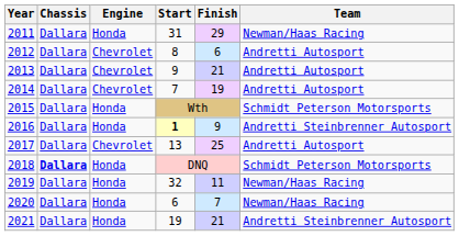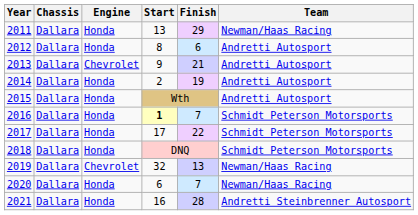 <table class="wikitable" style="font-size: 90%;">
 <tr>
 <th>Year</th>
 <th>Chassis</th>
 <th>Engine</th>
 <th>Start</th>
 <th>Finish</th>
 <th>Team</th>
 </tr>
 <tr>
 <td><a href='#'>2011</a></td>
 <td><a href='#'>Dallara</a></td>
 <td><a href='#'>Honda</a></td>
-<td align=center>31</td>
+<td align=center>13</td>
 <td align=center style="background:#EFCFFF;">29</td>
 <td><a href='#'>Newman/Haas Racing</a></td>
 </tr>
 <tr>
 <td><a href='#'>2012</a></td>
 <td><a href='#'>Dallara</a></td>
-<td><a href='#'>Chevrolet</a></td>
+<td><a href='#'>Honda</a></td>
 <td align=center>8</td>
 <td align=center style="background:#CFEAFF;">6</td>
 <td><a href='#'>Andretti Autosport</a></td>
 </tr>
 <tr>
 <td><a href='#'>2013</a></td>
 <td><a href='#'>Dallara</a></td>
 <td><a href='#'>Chevrolet</a></td>
 <td align=center>9</td>
 <td align=center style="background:#CFCFFF;">21</td>
 <td><a href='#'>Andretti Autosport</a></td>
 </tr>
 <tr>
 <td><a href='#'>2014</a></td>
 <td><a href='#'>Dallara</a></td>
-<td><a href='#'>Chevrolet</a></td>
-<td align=center>7</td>
+<td><a href='#'>Honda</a></td>
+<td align=center>2</td>
 <td align=center style="background:#EFCFFF;">19</td>
 <td><a href='#'>Andretti Autosport</a></td>
 </tr>
 <tr>
 <td><a href='#'>2015</a></td>
 <td><a href='#'>Dallara</a></td>
 <td><a href='#'>Honda</a></td>
 <td align=center colspan=2 style="background:#DFC484;">Wth</td>
-<td nowrap><a href='#'>Schmidt Peterson Motorsports</a></td>
+<td><a href='#'>Andretti Autosport</a></td>
 </tr>
 <tr>
 <td><a href='#'>2016</a></td>
 <td><a href='#'>Dallara</a></td>
 <td><a href='#'>Honda</a></td>
 <td align=center style="background:#FFFFBF;"><strong>1</strong></td>
-<td align=center style="background:#CFEAFF;">9</td>
-<td><a href='#'>Andretti Steinbrenner Autosport</a></td>
+<td align=center style="background:#CFEAFF;">7</td>
+<td><a href='#'>Schmidt Peterson Motorsports</a></td>
 </tr>
 <tr>
 <td><a href='#'>2017</a></td>
 <td><a href='#'>Dallara</a></td>
-<td><a href='#'>Chevrolet</a></td>
-<td align=center>13</td>
-<td align=center style="background:#EFCFFF;">25</td>
-<td><a href='#'>Andretti Autosport</a></td>
+<td><a href='#'>Honda</a></td>
+<td align=center>17</td>
+<td align=center style="background:#EFCFFF;">22</td>
+<td><a href='#'>Schmidt Peterson Motorsports</a></td>
 </tr>
 <tr>
 <td><a href='#'>2018</a></td>
-<td><strong><a href='#'>Dallara</a></strong></td>
+<td><a href='#'>Dallara</a></td>
 <td><a href='#'>Honda</a></td>
 <td align=center style="background:#FFCFCF;" colspan=2>DNQ</td>
 <td><a href='#'>Schmidt Peterson Motorsports</a></td>
 </tr>
 <tr>
 <td><a href='#'>2019</a></td>
 <td><a href='#'>Dallara</a></td>
-<td><a href='#'>Honda</a></td>
+<td><a href='#'>Chevrolet</a></td>
 <td align=center>32</td>
-<td align=center style="background:#CFCFFF;">11</td>
+<td align=center style="background:#CFCFFF;">13</td>
 <td><a href='#'>Newman/Haas Racing</a></td>
 </tr>
 <tr>
 <td><a href='#'>2020</a></td>
 <td><a href='#'>Dallara</a></td>
 <td><a href='#'>Honda</a></td>
 <td align=center>6</td>
 <td align=center style="background:#CFEAFF;">7</td>
 <td><a href='#'>Newman/Haas Racing</a></td>
 </tr>
 <tr>
 <td><a href='#'>2021</a></td>
 <td><a href='#'>Dallara</a></td>
 <td><a href='#'>Honda</a></td>
-<td align=center>19</td>
-<td align=center style="background:#CFCFFF;">21</td>
+<td align=center>16</td>
+<td align=center style="background:#CFCFFF;">28</td>
 <td><a href='#'>Andretti Steinbrenner Autosport</a></td>
 </tr>
 </table>
